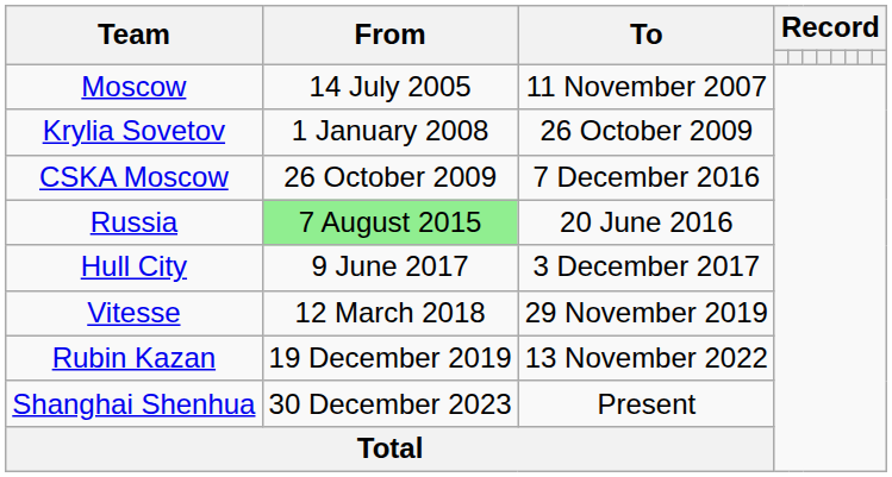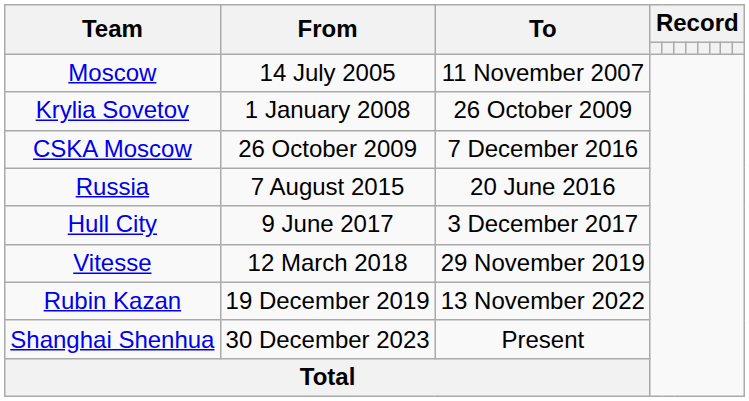 <table class="wikitable" style="text-align: center">
 <tr>
 <th rowspan="2">Team</th>
 <th rowspan="2">From</th>
 <th rowspan="2">To</th>
 <th colspan="8">Record</th>
 </tr>
 <tr>
 <th></th>
 <th></th>
 <th></th>
 <th></th>
 <th></th>
 <th></th>
 <th></th>
 <th></th>
 </tr>
 <tr>
 <td><a href='#'>Moscow</a></td>
 <td>14 July 2005</td>
 <td>11 November 2007<br></td>
 </tr>
 <tr>
 <td><a href='#'>Krylia Sovetov</a></td>
 <td>1 January 2008</td>
 <td>26 October 2009<br></td>
 </tr>
 <tr>
 <td><a href='#'>CSKA Moscow</a></td>
 <td>26 October 2009</td>
 <td>7 December 2016<br></td>
 </tr>
 <tr>
 <td><a href='#'>Russia</a></td>
-<td style="background: lightgreen;">7 August 2015</td>
+<td>7 August 2015</td>
 <td>20 June 2016<br></td>
 </tr>
 <tr>
 <td><a href='#'>Hull City</a></td>
 <td>9 June 2017</td>
 <td>3 December 2017<br></td>
 </tr>
 <tr>
 <td><a href='#'>Vitesse</a></td>
 <td>12 March 2018</td>
 <td>29 November 2019<br></td>
 </tr>
 <tr>
 <td><a href='#'>Rubin Kazan</a></td>
 <td>19 December 2019</td>
 <td>13 November 2022<br></td>
 </tr>
 <tr>
 <td><a href='#'>Shanghai Shenhua</a></td>
 <td>30 December 2023</td>
 <td>Present<br></td>
 </tr>
 <tr>
 <th colspan="3">Total<br></th>
 </tr>
 </table>
